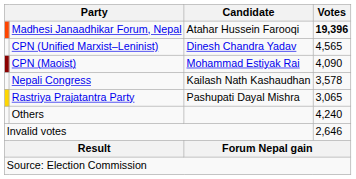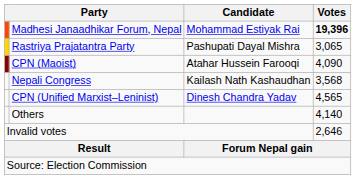 <table class="wikitable">
 <tr>
 <th colspan="2">Party</th>
 <th>Candidate</th>
 <th>Votes</th>
 </tr>
 <tr>
 <td style="background-color:orangered"></td>
 <td><a href='#'>Madhesi Janaadhikar Forum, Nepal</a></td>
+<td><a href='#'>Mohammad Estiyak Rai</a></td>
+<td><strong>19,396</strong></td>
+</tr>
+<tr>
+<td style="background-color:gold"></td>
+<td><a href='#'>Rastriya Prajatantra Party</a></td>
+<td>Pashupati Dayal Mishra</td>
+<td>3,065</td>
+</tr>
+<tr>
+<td style="background-color:darkred"></td>
+<td><a href='#'>CPN (Maoist)</a></td>
 <td>Atahar Hussein Farooqi</td>
-<td><strong>19,396</strong></td>
+<td>4,090</td>
+</tr>
+<tr>
+<td style="background-color:"></td>
+<td><a href='#'>Nepali Congress</a></td>
+<td>Kailash Nath Kashaudhan</td>
+<td>3,568</td>
 </tr>
 <tr>
 <td style="background-color:"></td>
 <td><a href='#'>CPN (Unified Marxist–Leninist)</a></td>
 <td><a href='#'>Dinesh Chandra Yadav</a></td>
 <td>4,565</td>
 </tr>
 <tr>
-<td style="background-color:darkred"></td>
-<td><a href='#'>CPN (Maoist)</a></td>
-<td><a href='#'>Mohammad Estiyak Rai</a></td>
-<td>4,090</td>
-</tr>
-<tr>
-<td style="background-color:"></td>
-<td><a href='#'>Nepali Congress</a></td>
-<td>Kailash Nath Kashaudhan</td>
-<td>3,578</td>
-</tr>
-<tr>
-<td style="background-color:gold"></td>
-<td><a href='#'>Rastriya Prajatantra Party</a></td>
-<td>Pashupati Dayal Mishra</td>
-<td>3,065</td>
-</tr>
-<tr>
 <td></td>
 <td>Others</td>
 <td></td>
-<td>4,240</td>
+<td>4,140</td>
 </tr>
 <tr>
 <td colspan="3">Invalid votes</td>
 <td>2,646</td>
 </tr>
 <tr>
 <th colspan="2">Result</th>
 <th colspan="2">Forum Nepal gain</th>
 </tr>
 <tr>
 <td colspan="4">Source: Election Commission</td>
 </tr>
 </table>
